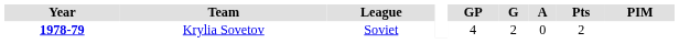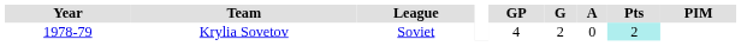 <table border="0" cellpadding="1" cellspacing="0" ID="Table3" style="text-align:center; width:50em">
 <tr style="text-align:center; background:#e0e0e0;">
 <th>Year</th>
 <th>Team</th>
 <th>League</th>
 <th rowspan="99" style="text-align:center; background:#fff;"> </th>
 <th>GP</th>
 <th>G</th>
 <th>A</th>
 <th>Pts</th>
 <th>PIM</th>
 </tr>
 <tr ALIGN="center">
-<td ALIGN="center"><strong><a href='#'>1978-79</a></strong></td>
+<td ALIGN="center"><a href='#'>1978-79</a></td>
 <td ALIGN="center"><a href='#'>Krylia Sovetov</a></td>
 <td ALIGN="center"><a href='#'>Soviet</a></td>
 <td ALIGN="center">4</td>
 <td ALIGN="center">2</td>
 <td ALIGN="center">0</td>
-<td ALIGN="center">2</td>
+<td ALIGN="center" style="background: paleturquoise;">2</td>
 <td ALIGN="center"></td>
 </tr>
 <tr ALIGN="center">
 </tr>
 </table>
